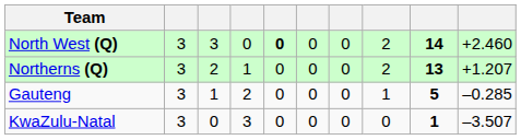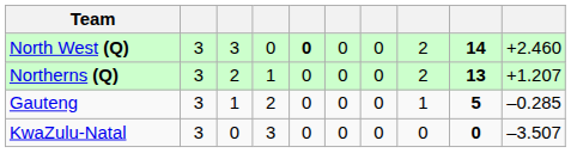 <table class="wikitable" style="text-align:center">
 <tr>
 <th width="150">Team</th>
 <th width="25"></th>
 <th width="25"></th>
 <th width="25"></th>
 <th width="25"></th>
 <th width="25"></th>
 <th width="25"></th>
 <th width="40"></th>
 <th width="40"></th>
 <th width="45"></th>
 </tr>
 <tr style="background:#cfc">
 <td style="text-align:left"><a href='#'>North West</a> <strong>(Q)</strong></td>
 <td>3</td>
 <td>3</td>
 <td>0</td>
 <td><strong>0</strong></td>
 <td>0</td>
 <td>0</td>
 <td>2</td>
 <td><strong>14</strong></td>
 <td>+2.460</td>
 </tr>
 <tr style="background:#cfc">
 <td style="text-align:left"><a href='#'>Northerns</a>  <strong>(Q)</strong></td>
 <td>3</td>
 <td>2</td>
 <td>1</td>
 <td>0</td>
 <td>0</td>
 <td>0</td>
 <td>2</td>
 <td><strong>13</strong></td>
 <td>+1.207</td>
 </tr>
 <tr>
 <td style="text-align:left"><a href='#'>Gauteng</a></td>
 <td>3</td>
 <td>1</td>
 <td>2</td>
 <td>0</td>
 <td>0</td>
 <td>0</td>
 <td>1</td>
 <td><strong>5</strong></td>
 <td>–0.285</td>
 </tr>
 <tr>
 <td style="text-align:left"><a href='#'>KwaZulu-Natal</a></td>
 <td>3</td>
 <td>0</td>
 <td>3</td>
 <td>0</td>
 <td>0</td>
 <td>0</td>
 <td>0</td>
-<td><strong>1</strong></td>
+<td><strong>0</strong></td>
 <td>–3.507</td>
 </tr>
 </table>
